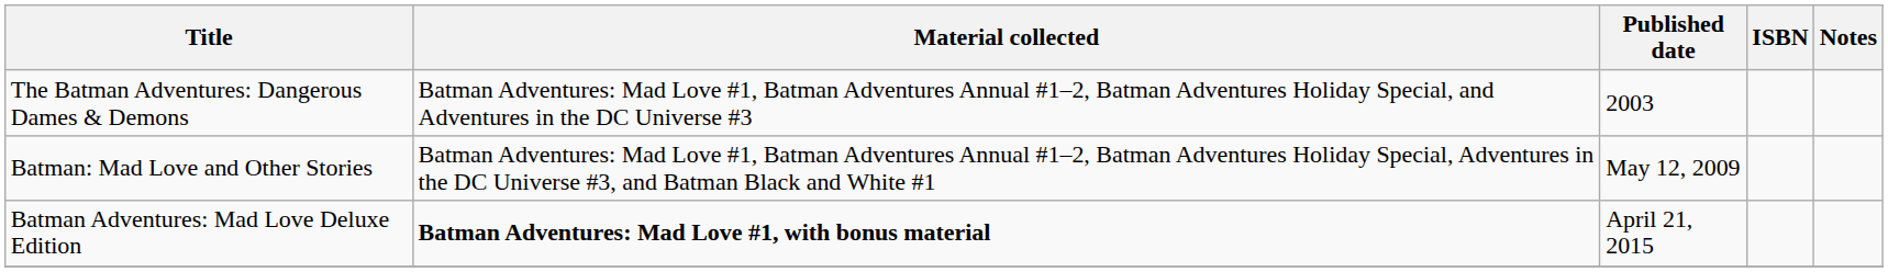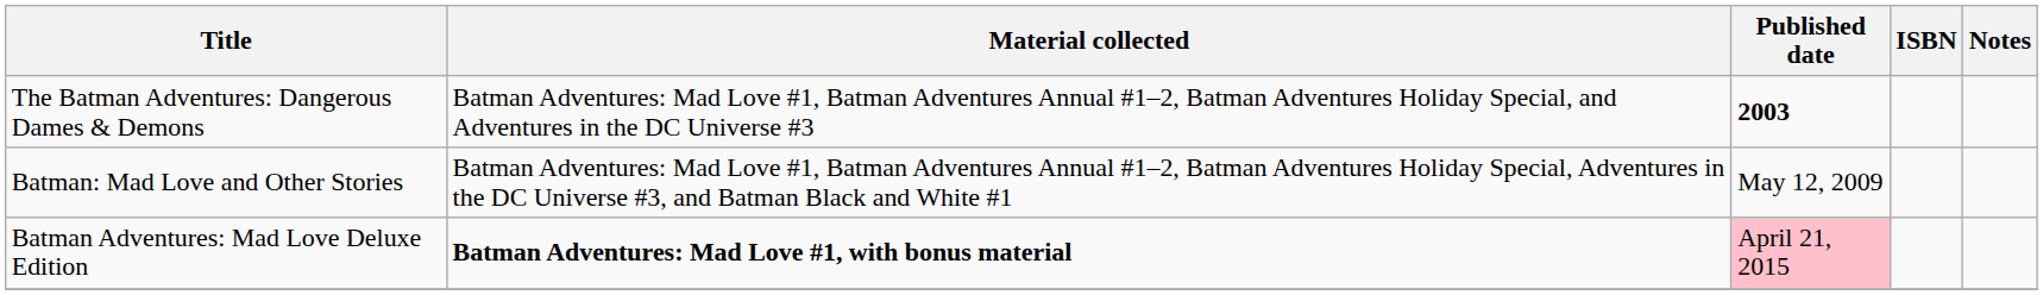 <table class="wikitable">
 <tr>
 <th>Title</th>
 <th>Material collected</th>
 <th>Published date</th>
 <th>ISBN</th>
 <th>Notes</th>
 </tr>
 <tr>
 <td>The Batman Adventures: Dangerous Dames & Demons</td>
 <td>Batman Adventures: Mad Love #1, Batman Adventures Annual #1–2, Batman Adventures Holiday Special, and Adventures in the DC Universe #3</td>
-<td>2003</td>
+<td><strong>2003</strong></td>
 <td></td>
 <td></td>
 </tr>
 <tr>
 <td>Batman: Mad Love and Other Stories</td>
 <td>Batman Adventures: Mad Love #1, Batman Adventures Annual #1–2, Batman Adventures Holiday Special, Adventures in the DC Universe #3, and Batman Black and White #1</td>
 <td>May 12, 2009</td>
 <td></td>
 <td></td>
 </tr>
 <tr>
 <td>Batman Adventures: Mad Love Deluxe Edition</td>
 <td><strong>Batman Adventures: Mad Love #1, with bonus material</strong></td>
-<td>April 21, 2015</td>
+<td style="background: pink;">April 21, 2015</td>
 <td></td>
 <td></td>
 </tr>
 <tr>
 </tr>
 </table>
